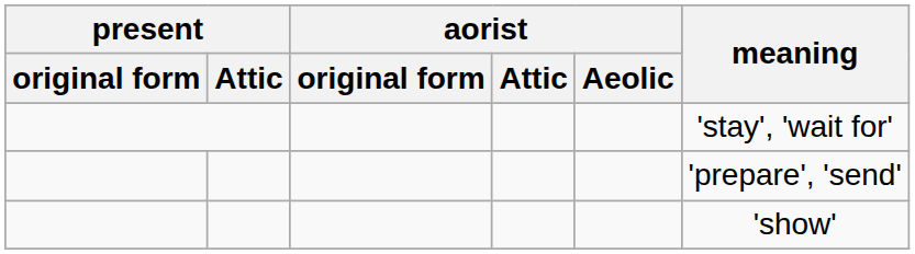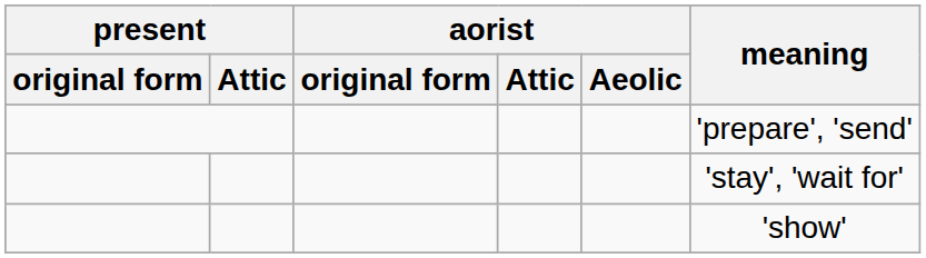 <table class="wikitable polytonic" style="text-align: center;">
 <tr>
 <th colspan="2">present</th>
 <th colspan="3">aorist</th>
 <th rowspan="2">meaning</th>
 </tr>
 <tr>
 <th>original form</th>
 <th>Attic</th>
 <th>original form</th>
 <th>Attic</th>
 <th>Aeolic</th>
 </tr>
 <tr>
 <td colspan="2"></td>
 <td></td>
 <td></td>
 <td></td>
-<td>'stay', 'wait for'</td>
+<td>'prepare', 'send'</td>
 </tr>
 <tr>
 <td></td>
 <td></td>
 <td></td>
 <td></td>
 <td></td>
-<td>'prepare', 'send'</td>
+<td>'stay', 'wait for'</td>
 </tr>
 <tr>
 <td></td>
 <td></td>
 <td></td>
 <td></td>
 <td></td>
 <td>'show'</td>
 </tr>
 </table>
